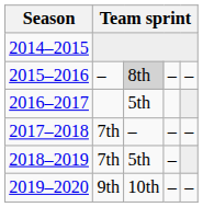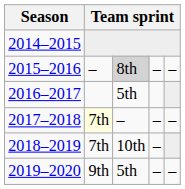 <table class="wikitable" style="display: inline-table;">
 <tr>
 <th>Season</th>
 <th colspan="12">Team sprint</th>
 </tr>
 <tr>
 <td><a href='#'>2014–2015</a></td>
 <td colspan="12" bgcolor=#EEEEEE></td>
 </tr>
 <tr>
 <td><a href='#'>2015–2016</a></td>
 <td>–</td>
 <td style="background: lightgrey;">8th</td>
 <td>–</td>
 <td>–</td>
 </tr>
 <tr>
 <td><a href='#'>2016–2017</a></td>
 <td></td>
 <td>5th</td>
 <td></td>
 <td colspan="12" bgcolor=#EEEEEE></td>
 </tr>
 <tr>
 <td><a href='#'>2017–2018</a></td>
-<td>7th</td>
+<td style="background: lightyellow;">7th</td>
 <td>–</td>
 <td>–</td>
 <td>–</td>
 </tr>
 <tr>
 <td><a href='#'>2018–2019</a></td>
 <td>7th</td>
-<td>5th</td>
+<td>10th</td>
 <td>–</td>
 <td bgcolor=#EEEEEE></td>
 </tr>
 <tr>
 <td><a href='#'>2019–2020</a></td>
 <td>9th</td>
-<td>10th</td>
+<td>5th</td>
 <td>–</td>
 <td>–</td>
 </tr>
 </table>
